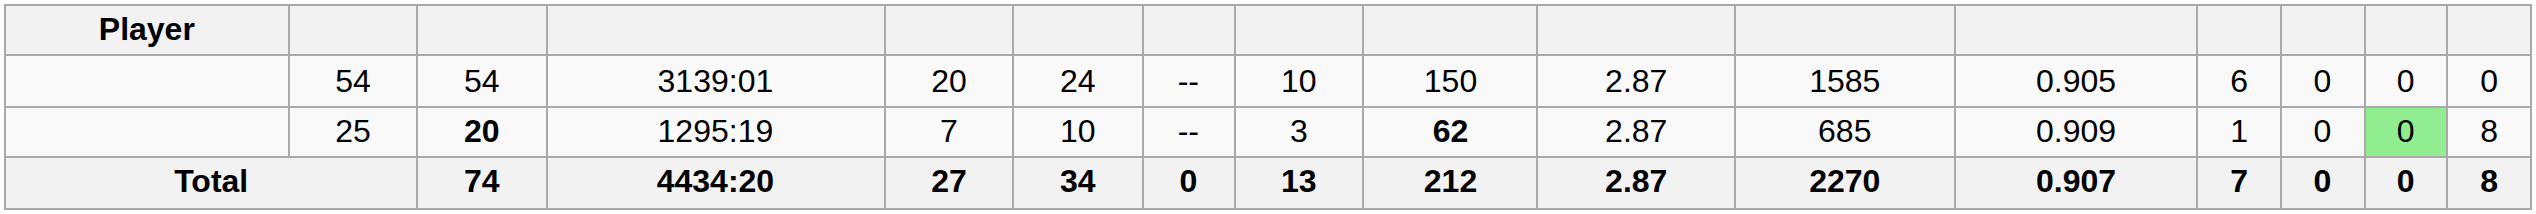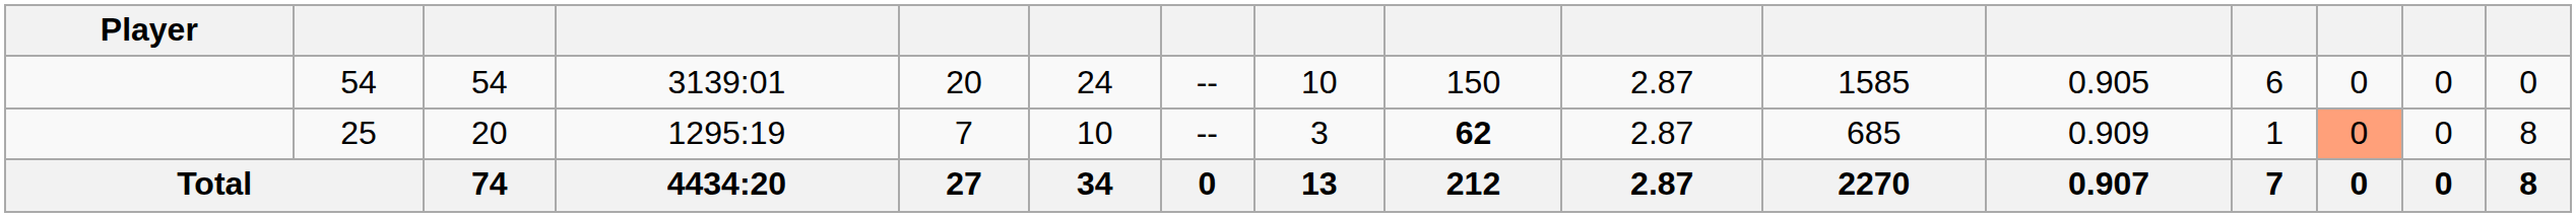 <table class="wikitable sortable" style="width:100%; text-align:center;">
 <tr>
 <th>Player</th>
 <th></th>
 <th></th>
 <th></th>
 <th></th>
 <th></th>
 <th></th>
 <th></th>
 <th></th>
 <th></th>
 <th></th>
 <th></th>
 <th></th>
 <th></th>
 <th></th>
 <th></th>
 </tr>
 <tr>
 <td></td>
 <td>54</td>
 <td>54</td>
 <td>3139:01</td>
 <td>20</td>
 <td>24</td>
 <td>--</td>
 <td>10</td>
 <td>150</td>
 <td>2.87</td>
 <td>1585</td>
 <td>0.905</td>
 <td>6</td>
 <td>0</td>
 <td>0</td>
 <td>0</td>
 </tr>
 <tr>
 <td></td>
 <td>25</td>
-<td><strong>20</strong></td>
+<td>20</td>
 <td>1295:19</td>
 <td>7</td>
 <td>10</td>
 <td>--</td>
 <td>3</td>
 <td><strong>62</strong></td>
 <td>2.87</td>
 <td>685</td>
 <td>0.909</td>
 <td>1</td>
+<td style="background: lightsalmon;">0</td>
 <td>0</td>
-<td style="background: lightgreen;">0</td>
 <td>8</td>
 </tr>
 <tr class="sortbottom">
 <th colspan=2>Total</th>
 <th>74</th>
 <th>4434:20</th>
 <th>27</th>
 <th>34</th>
 <th>0</th>
 <th>13</th>
 <th>212</th>
 <th>2.87</th>
 <th>2270</th>
 <th>0.907</th>
 <th>7</th>
 <th>0</th>
 <th>0</th>
 <th>8</th>
 </tr>
 </table>
